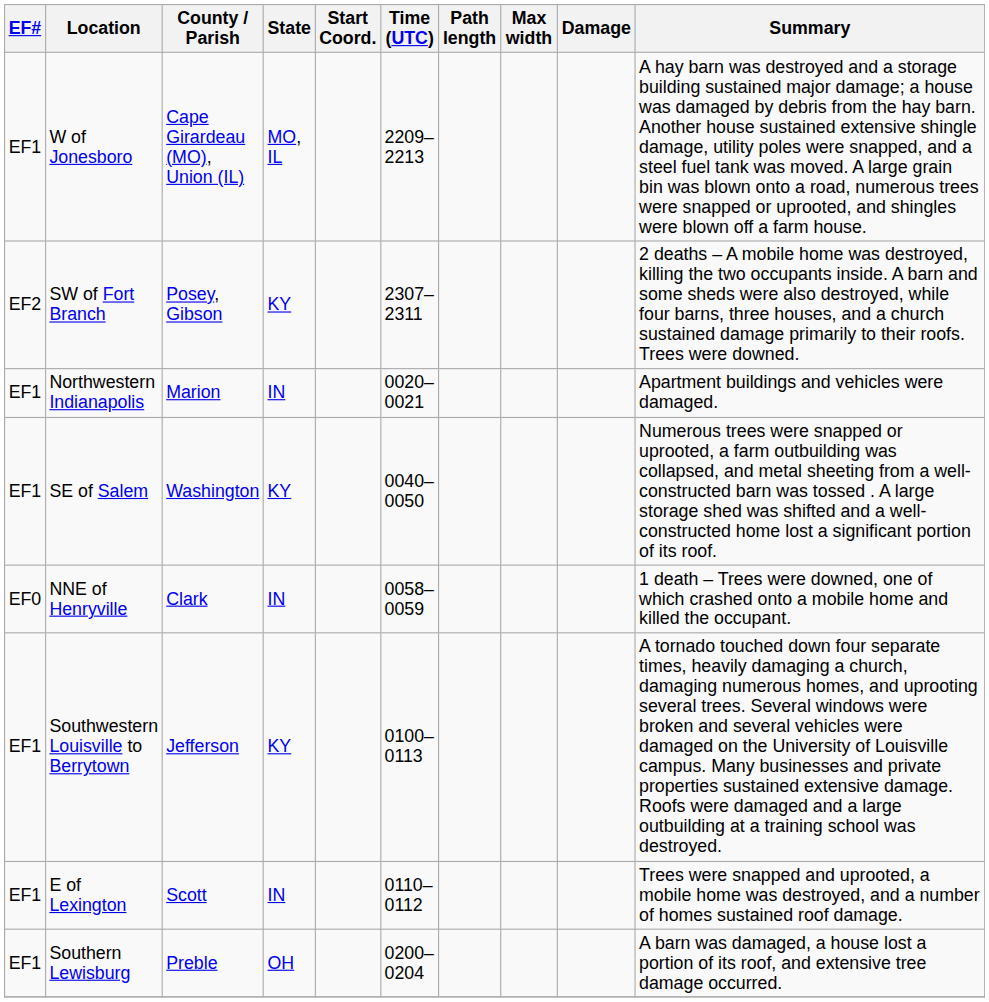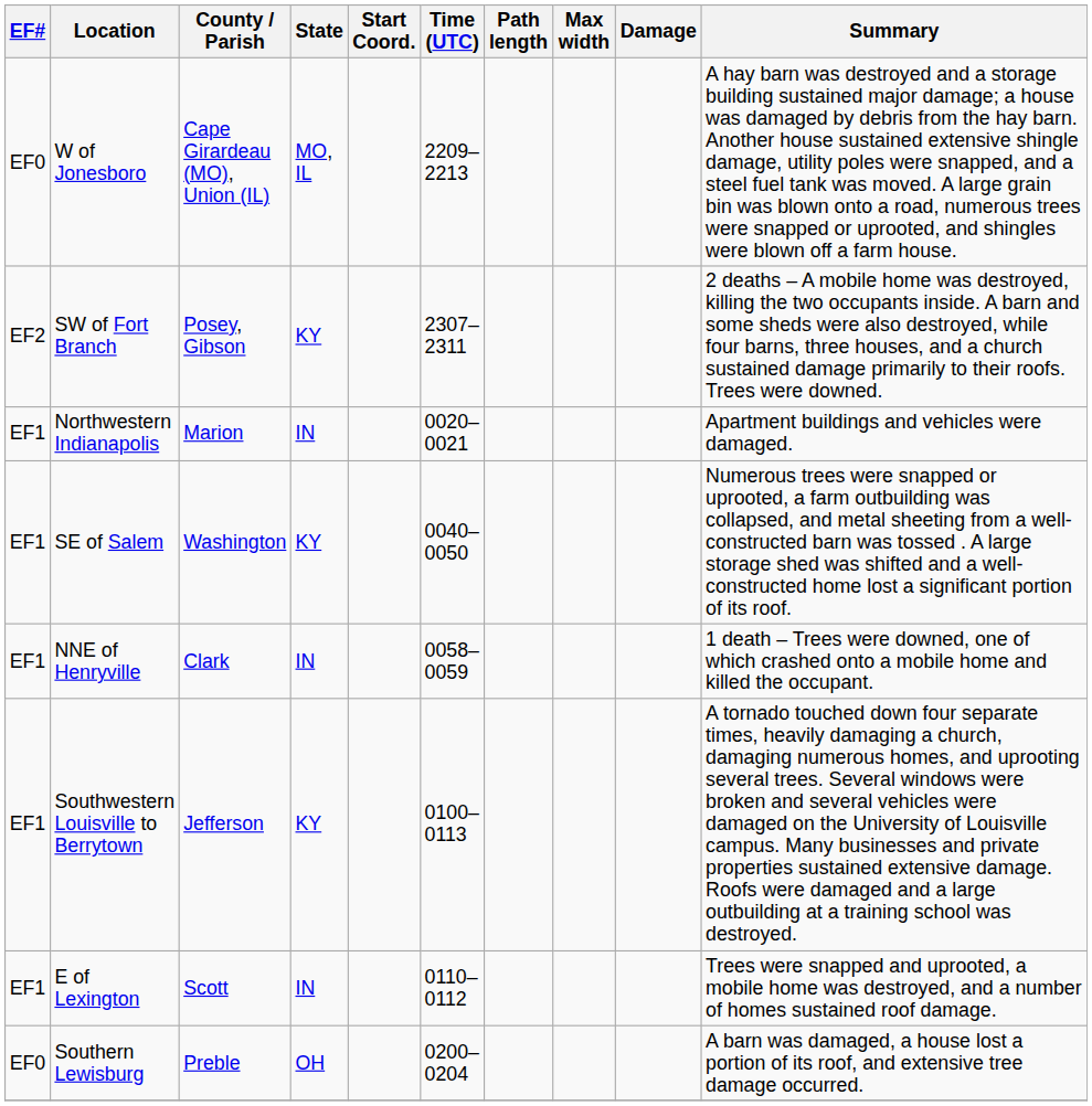 <table class="wikitable sortable" style="width:100%;">
 <tr>
 <th scope="col" width="3%" align="center"><a href='#'>EF#</a></th>
 <th scope="col" width="7%" align="center" class="unsortable">Location</th>
 <th scope="col" width="6%" align="center" class="unsortable">County / Parish</th>
 <th scope="col" width="5%" align="center">State</th>
 <th scope="col" width="6%" align="center">Start Coord.</th>
 <th scope="col" width="6%" align="center">Time (<a href='#'>UTC</a>)</th>
 <th scope="col" width="6%" align="center">Path length</th>
 <th scope="col" width="6%" align="center">Max width</th>
 <th scope="col" width="6%" align="center">Damage</th>
 <th scope="col" width="48%" class="unsortable" align="center">Summary</th>
 </tr>
 <tr>
-<td>EF1</td>
+<td>EF0</td>
 <td>W of <a href='#'>Jonesboro</a></td>
 <td><a href='#'>Cape Girardeau (MO)</a>, <a href='#'>Union (IL)</a></td>
 <td><a href='#'>MO</a>, <a href='#'>IL</a></td>
 <td></td>
 <td>2209–2213</td>
 <td></td>
 <td></td>
 <td></td>
 <td>A hay barn was destroyed and a storage building sustained major damage; a house was damaged by debris from the hay barn. Another house sustained extensive shingle damage, utility poles were snapped, and a  steel fuel tank was moved. A large grain bin was blown onto a road, numerous trees were snapped or uprooted, and shingles were blown off a farm house.</td>
 </tr>
 <tr>
 <td>EF2</td>
 <td>SW of <a href='#'>Fort Branch</a></td>
 <td><a href='#'>Posey</a>, <a href='#'>Gibson</a></td>
 <td><a href='#'>KY</a></td>
 <td></td>
 <td>2307–2311</td>
 <td></td>
 <td></td>
 <td></td>
 <td>2 deaths – A mobile home was destroyed, killing the two occupants inside. A barn and some sheds were also destroyed, while four barns, three houses, and a church sustained damage primarily to their roofs. Trees were downed.</td>
 </tr>
 <tr>
 <td>EF1</td>
 <td>Northwestern <a href='#'>Indianapolis</a></td>
 <td><a href='#'>Marion</a></td>
 <td><a href='#'>IN</a></td>
 <td></td>
 <td>0020–0021</td>
 <td></td>
 <td></td>
 <td></td>
 <td>Apartment buildings and vehicles were damaged.</td>
 </tr>
 <tr>
 <td>EF1</td>
 <td>SE of <a href='#'>Salem</a></td>
 <td><a href='#'>Washington</a></td>
 <td><a href='#'>KY</a></td>
 <td></td>
 <td>0040–0050</td>
 <td></td>
 <td></td>
 <td></td>
 <td>Numerous trees were snapped or uprooted, a farm outbuilding was collapsed, and metal sheeting from a well-constructed barn was tossed . A large storage shed was shifted and a well-constructed home lost a significant portion of its roof.</td>
 </tr>
 <tr>
-<td>EF0</td>
+<td>EF1</td>
 <td>NNE of <a href='#'>Henryville</a></td>
 <td><a href='#'>Clark</a></td>
 <td><a href='#'>IN</a></td>
 <td></td>
 <td>0058–0059</td>
 <td></td>
 <td></td>
 <td></td>
 <td>1 death – Trees were downed, one of which crashed onto a mobile home and killed the occupant.</td>
 </tr>
 <tr>
 <td>EF1</td>
 <td>Southwestern <a href='#'>Louisville</a> to <a href='#'>Berrytown</a></td>
 <td><a href='#'>Jefferson</a></td>
 <td><a href='#'>KY</a></td>
 <td></td>
 <td>0100–0113</td>
 <td></td>
 <td></td>
 <td></td>
 <td>A tornado touched down four separate times, heavily damaging a church, damaging numerous homes, and uprooting several trees. Several windows were broken and several vehicles were damaged on the University of Louisville campus. Many businesses and private properties sustained extensive damage. Roofs were damaged and a large outbuilding at a training school was destroyed.</td>
 </tr>
 <tr>
 <td>EF1</td>
 <td>E of <a href='#'>Lexington</a></td>
 <td><a href='#'>Scott</a></td>
 <td><a href='#'>IN</a></td>
 <td></td>
 <td>0110–0112</td>
 <td></td>
 <td></td>
 <td></td>
 <td>Trees were snapped and uprooted, a mobile home was destroyed, and a number of homes sustained roof damage.</td>
 </tr>
 <tr>
-<td>EF1</td>
+<td>EF0</td>
 <td>Southern <a href='#'>Lewisburg</a></td>
 <td><a href='#'>Preble</a></td>
 <td><a href='#'>OH</a></td>
 <td></td>
 <td>0200–0204</td>
 <td></td>
 <td></td>
 <td></td>
 <td>A barn was damaged, a house lost a portion of its roof, and extensive tree damage occurred.</td>
 </tr>
 <tr>
 </tr>
 </table>
